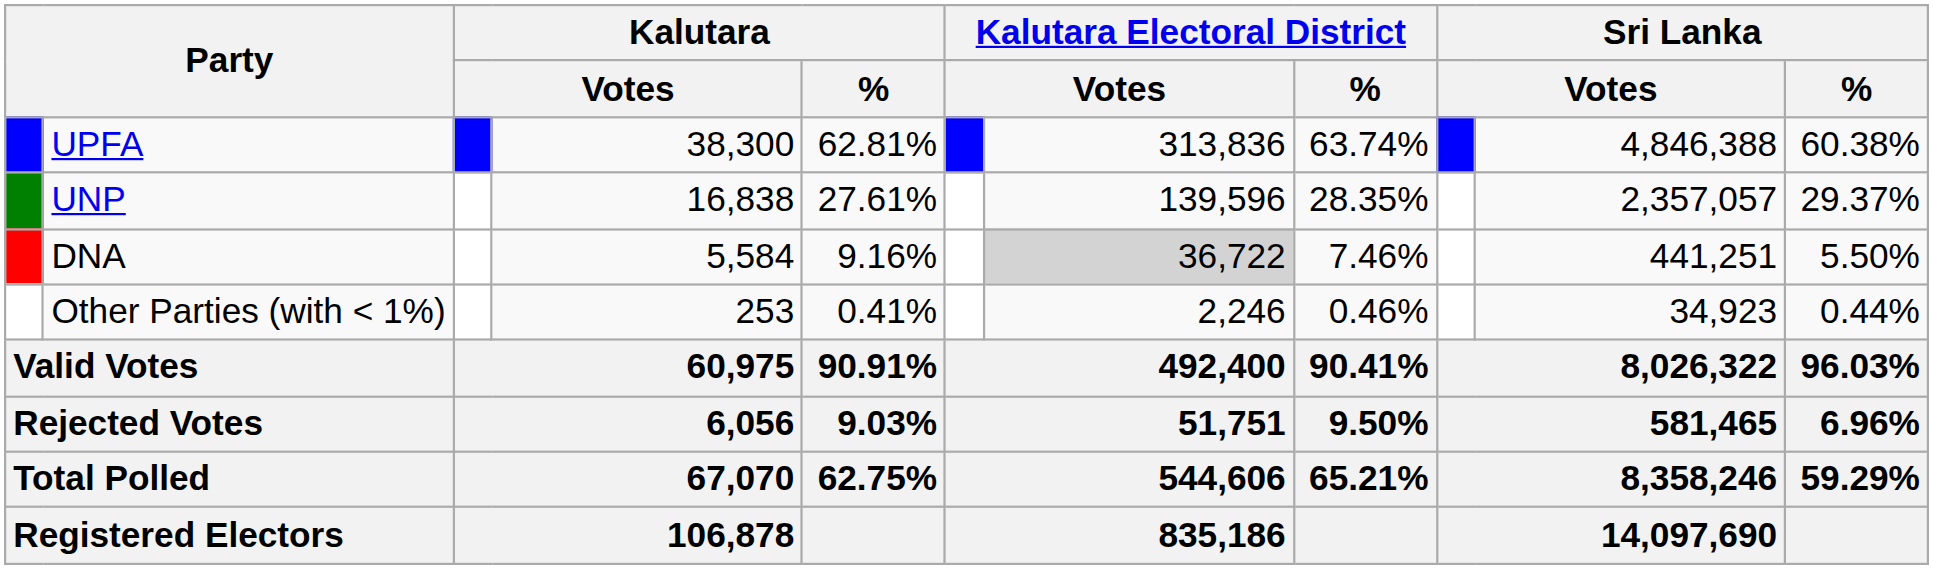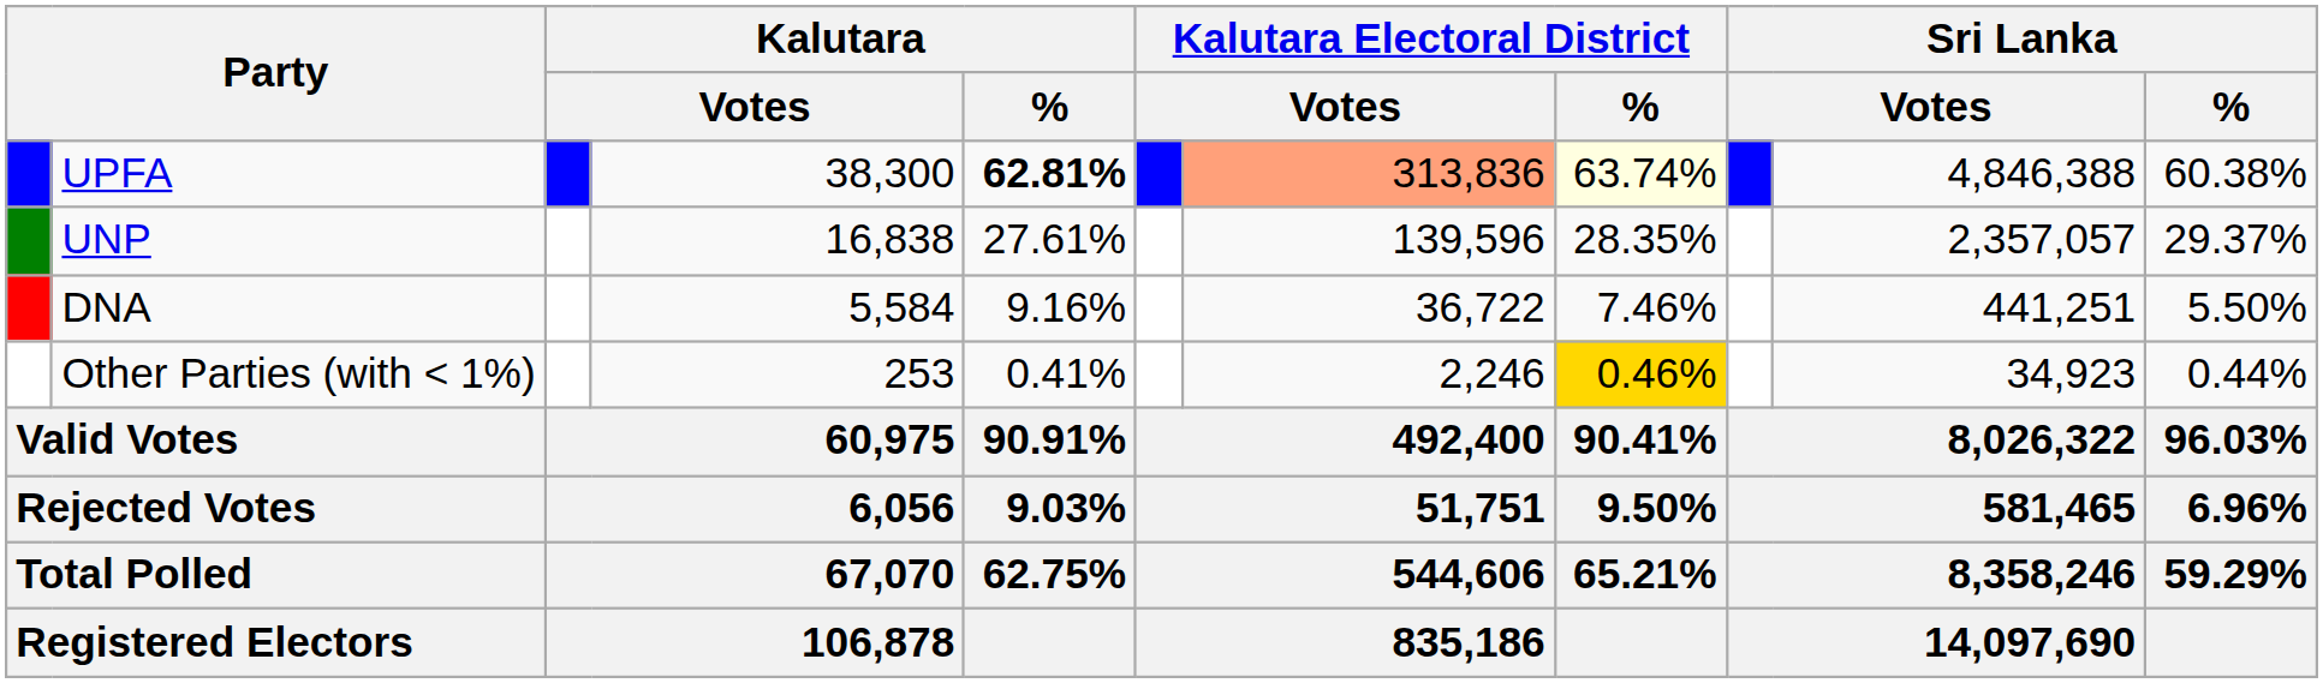 <table class="wikitable">
 <tr>
 <th colspan="2" width="144px"rowspan="2">Party</th>
 <th colspan="3" width="216px">Kalutara</th>
 <th colspan="3" width="216px"><a href='#'>Kalutara Electoral District</a></th>
 <th colspan="3" width="216px">Sri Lanka</th>
 </tr>
 <tr>
 <th colspan="2" width="144px">Votes</th>
 <th>%</th>
 <th colspan="2" width="144px">Votes</th>
 <th>%</th>
 <th colspan="2" width="144px">Votes</th>
 <th>%</th>
 </tr>
 <tr>
 <td style="background-color:blue;" width="10px"></td>
 <td style="text-align:left;"><a href='#'>UPFA</a></td>
 <td style="background-color:blue;" width="10px"></td>
 <td style="text-align:right;">38,300</td>
-<td style="text-align:right;">62.81%</td>
+<td style="text-align:right;"><strong>62.81%</strong></td>
 <td style="background-color:blue;" width="10px"></td>
-<td style="text-align:right;">313,836</td>
-<td style="text-align:right;">63.74%</td>
+<td style="background: lightsalmon; text-align:right;">313,836</td>
+<td style="background: lightyellow; text-align:right;">63.74%</td>
 <td style="background-color:blue;" width="10px"></td>
 <td style="text-align:right;">4,846,388</td>
 <td style="text-align:right;">60.38%</td>
 </tr>
 <tr>
 <td style="background-color:green;" width="10px"></td>
 <td style="text-align:left;"><a href='#'>UNP</a></td>
 <td style="background-color:white;" width="10px"></td>
 <td style="text-align:right;">16,838</td>
 <td style="text-align:right;">27.61%</td>
 <td style="background-color:white;" width="10px"></td>
 <td style="text-align:right;">139,596</td>
 <td style="text-align:right;">28.35%</td>
 <td style="background-color:white;" width="10px"></td>
 <td style="text-align:right;">2,357,057</td>
 <td style="text-align:right;">29.37%</td>
 </tr>
 <tr>
 <td style="background-color:red;" width="10px"></td>
 <td style="text-align:left;">DNA</td>
 <td style="background-color:white;" width="10px"></td>
 <td style="text-align:right;">5,584</td>
 <td style="text-align:right;">9.16%</td>
 <td style="background-color:white;" width="10px"></td>
-<td style="background: lightgrey; text-align:right;">36,722</td>
+<td style="text-align:right;">36,722</td>
 <td style="text-align:right;">7.46%</td>
 <td style="background-color:white;" width="10px"></td>
 <td style="text-align:right;">441,251</td>
 <td style="text-align:right;">5.50%</td>
 </tr>
 <tr>
 <td style="background-color:white;" width="10px"></td>
 <td style="text-align:left;">Other Parties (with < 1%)</td>
 <td style="background-color:white;" width="10px"></td>
 <td style="text-align:right;">253</td>
 <td style="text-align:right;">0.41%</td>
 <td style="background-color:white;" width="10px"></td>
 <td style="text-align:right;">2,246</td>
-<td style="text-align:right;">0.46%</td>
+<td style="background: gold; text-align:right;">0.46%</td>
 <td style="background-color:white;" width="10px"></td>
 <td style="text-align:right;">34,923</td>
 <td style="text-align:right;">0.44%</td>
 </tr>
 <tr>
 <th colspan="2" width="144px"style="text-align:left;">Valid Votes</th>
 <th style="text-align:right;"colspan="2" width="144px">60,975</th>
 <th style="text-align:right;">90.91%</th>
 <th style="text-align:right;"colspan="2" width="144px">492,400</th>
 <th style="text-align:right;">90.41%</th>
 <th style="text-align:right;"colspan="2" width="144px">8,026,322</th>
 <th style="text-align:right;">96.03%</th>
 </tr>
 <tr>
 <th colspan="2" width="144px"style="text-align:left;">Rejected Votes</th>
 <th style="text-align:right;"colspan="2" width="144px">6,056</th>
 <th style="text-align:right;">9.03%</th>
 <th style="text-align:right;"colspan="2" width="144px">51,751</th>
 <th style="text-align:right;">9.50%</th>
 <th style="text-align:right;"colspan="2" width="144px">581,465</th>
 <th style="text-align:right;">6.96%</th>
 </tr>
 <tr>
 <th colspan="2" width="144px"style="text-align:left;">Total Polled</th>
 <th style="text-align:right;"colspan="2" width="144px">67,070</th>
 <th style="text-align:right;">62.75%</th>
 <th style="text-align:right;"colspan="2" width="144px">544,606</th>
 <th style="text-align:right;">65.21%</th>
 <th style="text-align:right;"colspan="2" width="144px">8,358,246</th>
 <th style="text-align:right;">59.29%</th>
 </tr>
 <tr>
 <th colspan="2" width="144px"style="text-align:left;">Registered Electors</th>
 <th style="text-align:right;"colspan="2" width="144px">106,878</th>
 <th></th>
 <th style="text-align:right;"colspan="2" width="144px">835,186</th>
 <th></th>
 <th style="text-align:right;"colspan="2" width="144px">14,097,690</th>
 <th></th>
 </tr>
 </table>
